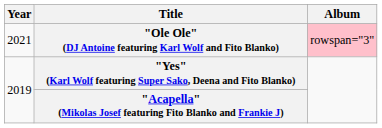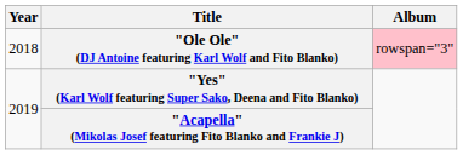 <table class="wikitable plainrowheaders" style="text-align:center;">
 <tr>
 <th scope="col" style="width:1em;">Year</th>
 <th scope="col" style="width:22em;">Title</th>
 <th scope="col">Album</th>
 </tr>
 <tr>
-<td>2021</td>
+<td>2018</td>
 <th scope="row">"Ole Ole"<br><small>(<a href='#'>DJ Antoine</a> featuring <a href='#'>Karl Wolf</a> and Fito Blanko)</small></th>
 <td style="background: pink;">rowspan="3" </td>
 </tr>
 <tr>
 <td rowspan="2">2019</td>
 <th scope="row">"Yes"<br><small>(<a href='#'>Karl Wolf</a> featuring <a href='#'>Super Sako</a>, Deena and Fito Blanko)</small></th>
 </tr>
 <tr>
 <th scope="row">"<a href='#'>Acapella</a>"<br><small>(<a href='#'>Mikolas Josef</a> featuring Fito Blanko and <a href='#'>Frankie J</a>)</small></th>
 </tr>
 </table>
